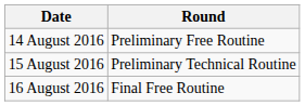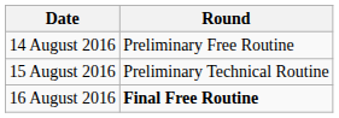 <table class="wikitable">
 <tr>
 <th>Date</th>
 <th>Round</th>
 </tr>
 <tr>
 <td>14 August 2016</td>
 <td>Preliminary Free Routine</td>
 </tr>
 <tr>
 <td>15 August 2016</td>
 <td>Preliminary Technical Routine</td>
 </tr>
 <tr>
 <td>16 August 2016</td>
-<td>Final Free Routine</td>
+<td><strong>Final Free Routine</strong></td>
 </tr>
 </table>
